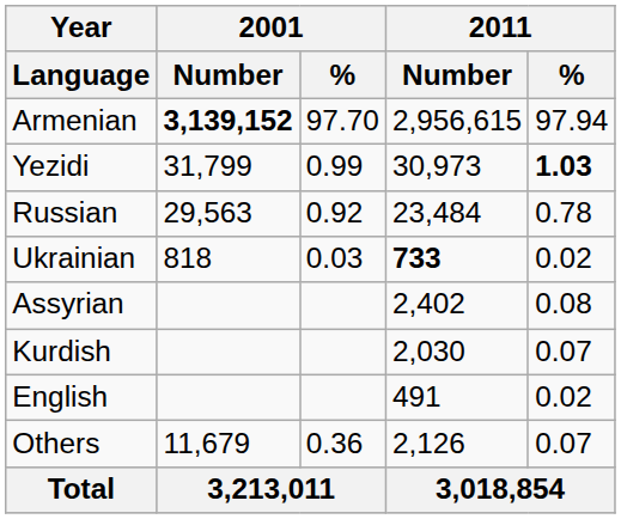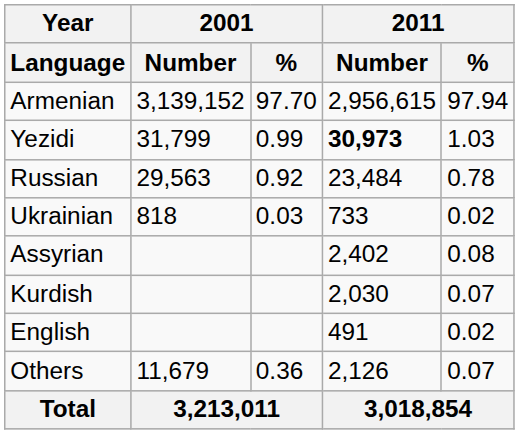 <table class="wikitable">
 <tr>
 <th>Year</th>
 <th colspan="2">2001</th>
 <th colspan="2">2011</th>
 </tr>
 <tr>
 <th>Language</th>
 <th>Number</th>
 <th>%</th>
 <th>Number</th>
 <th>%</th>
 </tr>
 <tr>
 <td>Armenian</td>
-<td><strong>3,139,152</strong></td>
+<td>3,139,152</td>
 <td>97.70</td>
 <td>2,956,615</td>
 <td>97.94</td>
 </tr>
 <tr>
 <td>Yezidi</td>
 <td>31,799</td>
 <td>0.99</td>
-<td>30,973</td>
-<td><strong>1.03</strong></td>
+<td><strong>30,973</strong></td>
+<td>1.03</td>
 </tr>
 <tr>
 <td>Russian</td>
 <td>29,563</td>
 <td>0.92</td>
 <td>23,484</td>
 <td>0.78</td>
 </tr>
 <tr>
 <td>Ukrainian</td>
 <td>818</td>
 <td>0.03</td>
-<td><strong>733</strong></td>
+<td>733</td>
 <td>0.02</td>
 </tr>
 <tr>
 <td>Assyrian</td>
 <td></td>
 <td></td>
 <td>2,402</td>
 <td>0.08</td>
 </tr>
 <tr>
 <td>Kurdish</td>
 <td></td>
 <td></td>
 <td>2,030</td>
 <td>0.07</td>
 </tr>
 <tr>
 <td>English</td>
 <td></td>
 <td></td>
 <td>491</td>
 <td>0.02</td>
 </tr>
 <tr>
 <td>Others</td>
 <td>11,679</td>
 <td>0.36</td>
 <td>2,126</td>
 <td>0.07</td>
 </tr>
 <tr>
 <th>Total</th>
 <th colspan="2">3,213,011</th>
 <th colspan="2">3,018,854</th>
 </tr>
 </table>
